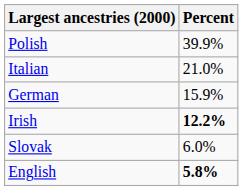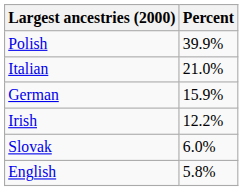 <table class="wikitable sortable collapsible" style="font-size: 90%;">
 <tr>
 <th>Largest ancestries (2000)</th>
 <th>Percent</th>
 </tr>
 <tr>
 <td><a href='#'>Polish</a> </td>
 <td>39.9%</td>
 </tr>
 <tr>
 <td><a href='#'>Italian</a> </td>
 <td>21.0%</td>
 </tr>
 <tr>
 <td><a href='#'>German</a> </td>
 <td>15.9%</td>
 </tr>
 <tr>
 <td><a href='#'>Irish</a> </td>
-<td><strong>12.2%</strong></td>
+<td>12.2%</td>
 </tr>
 <tr>
 <td><a href='#'>Slovak</a> </td>
 <td>6.0%</td>
 </tr>
 <tr>
 <td><a href='#'>English</a> </td>
-<td><strong>5.8%</strong></td>
+<td>5.8%</td>
 </tr>
 </table>
